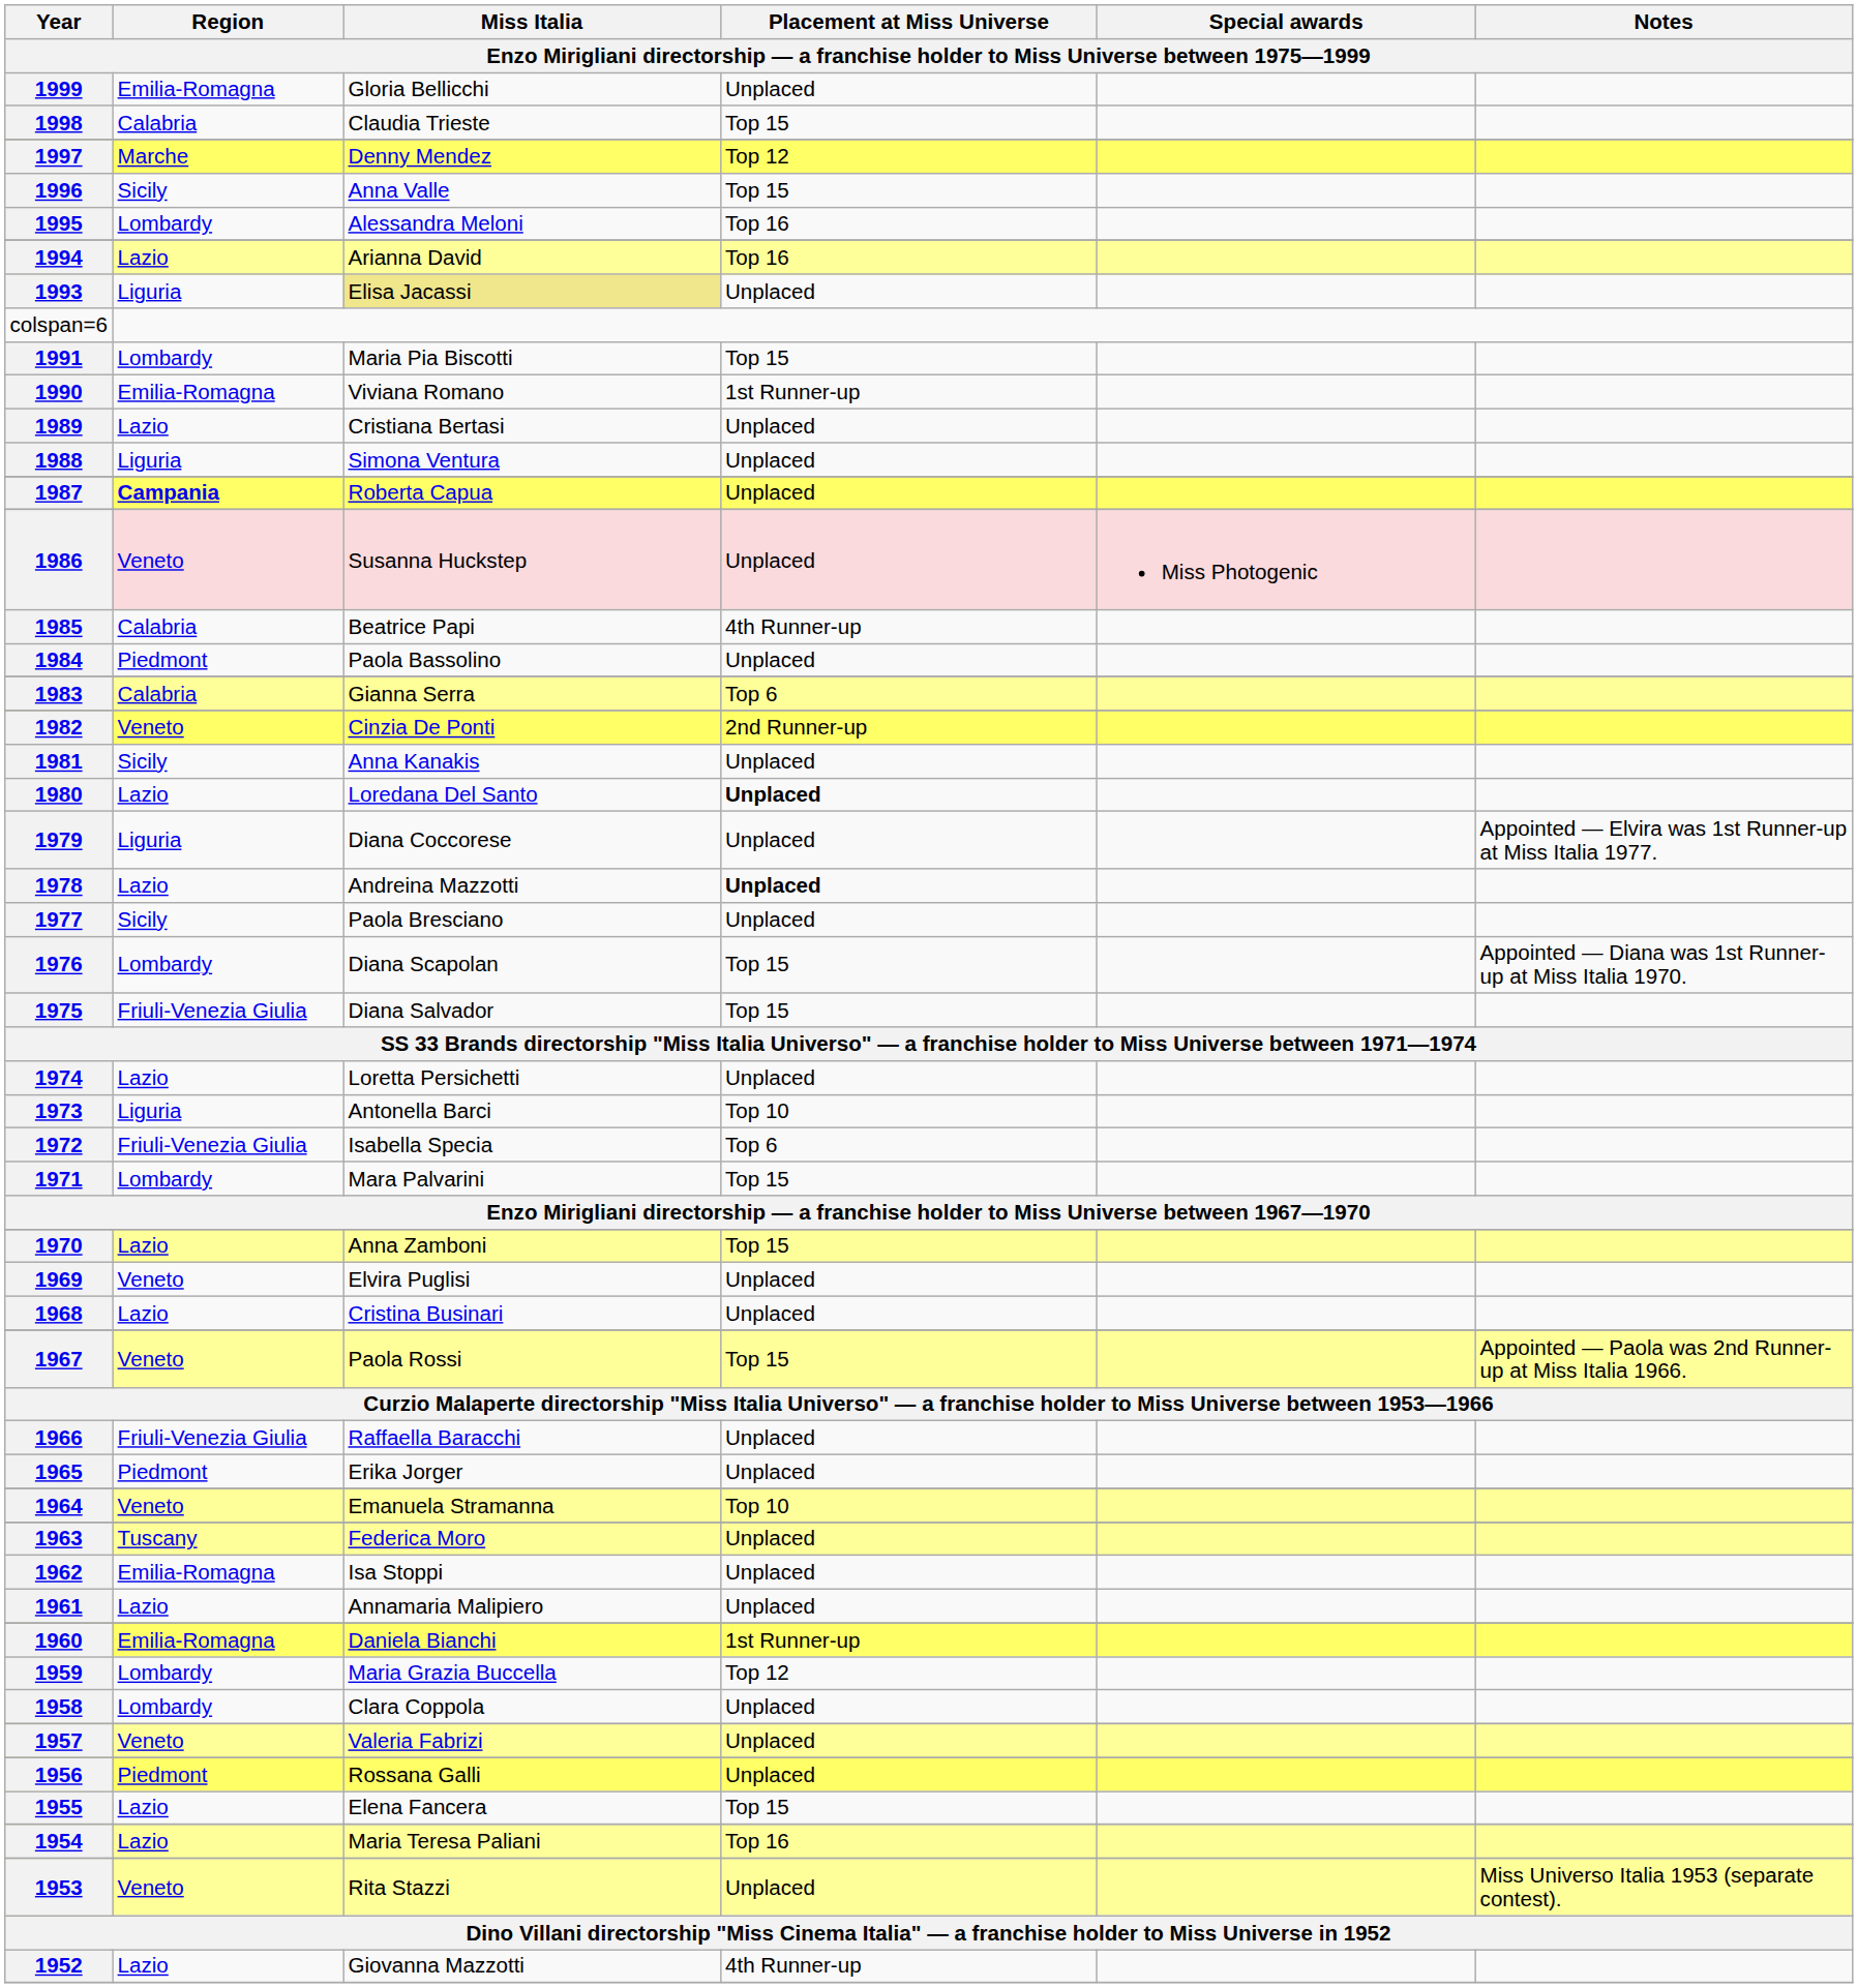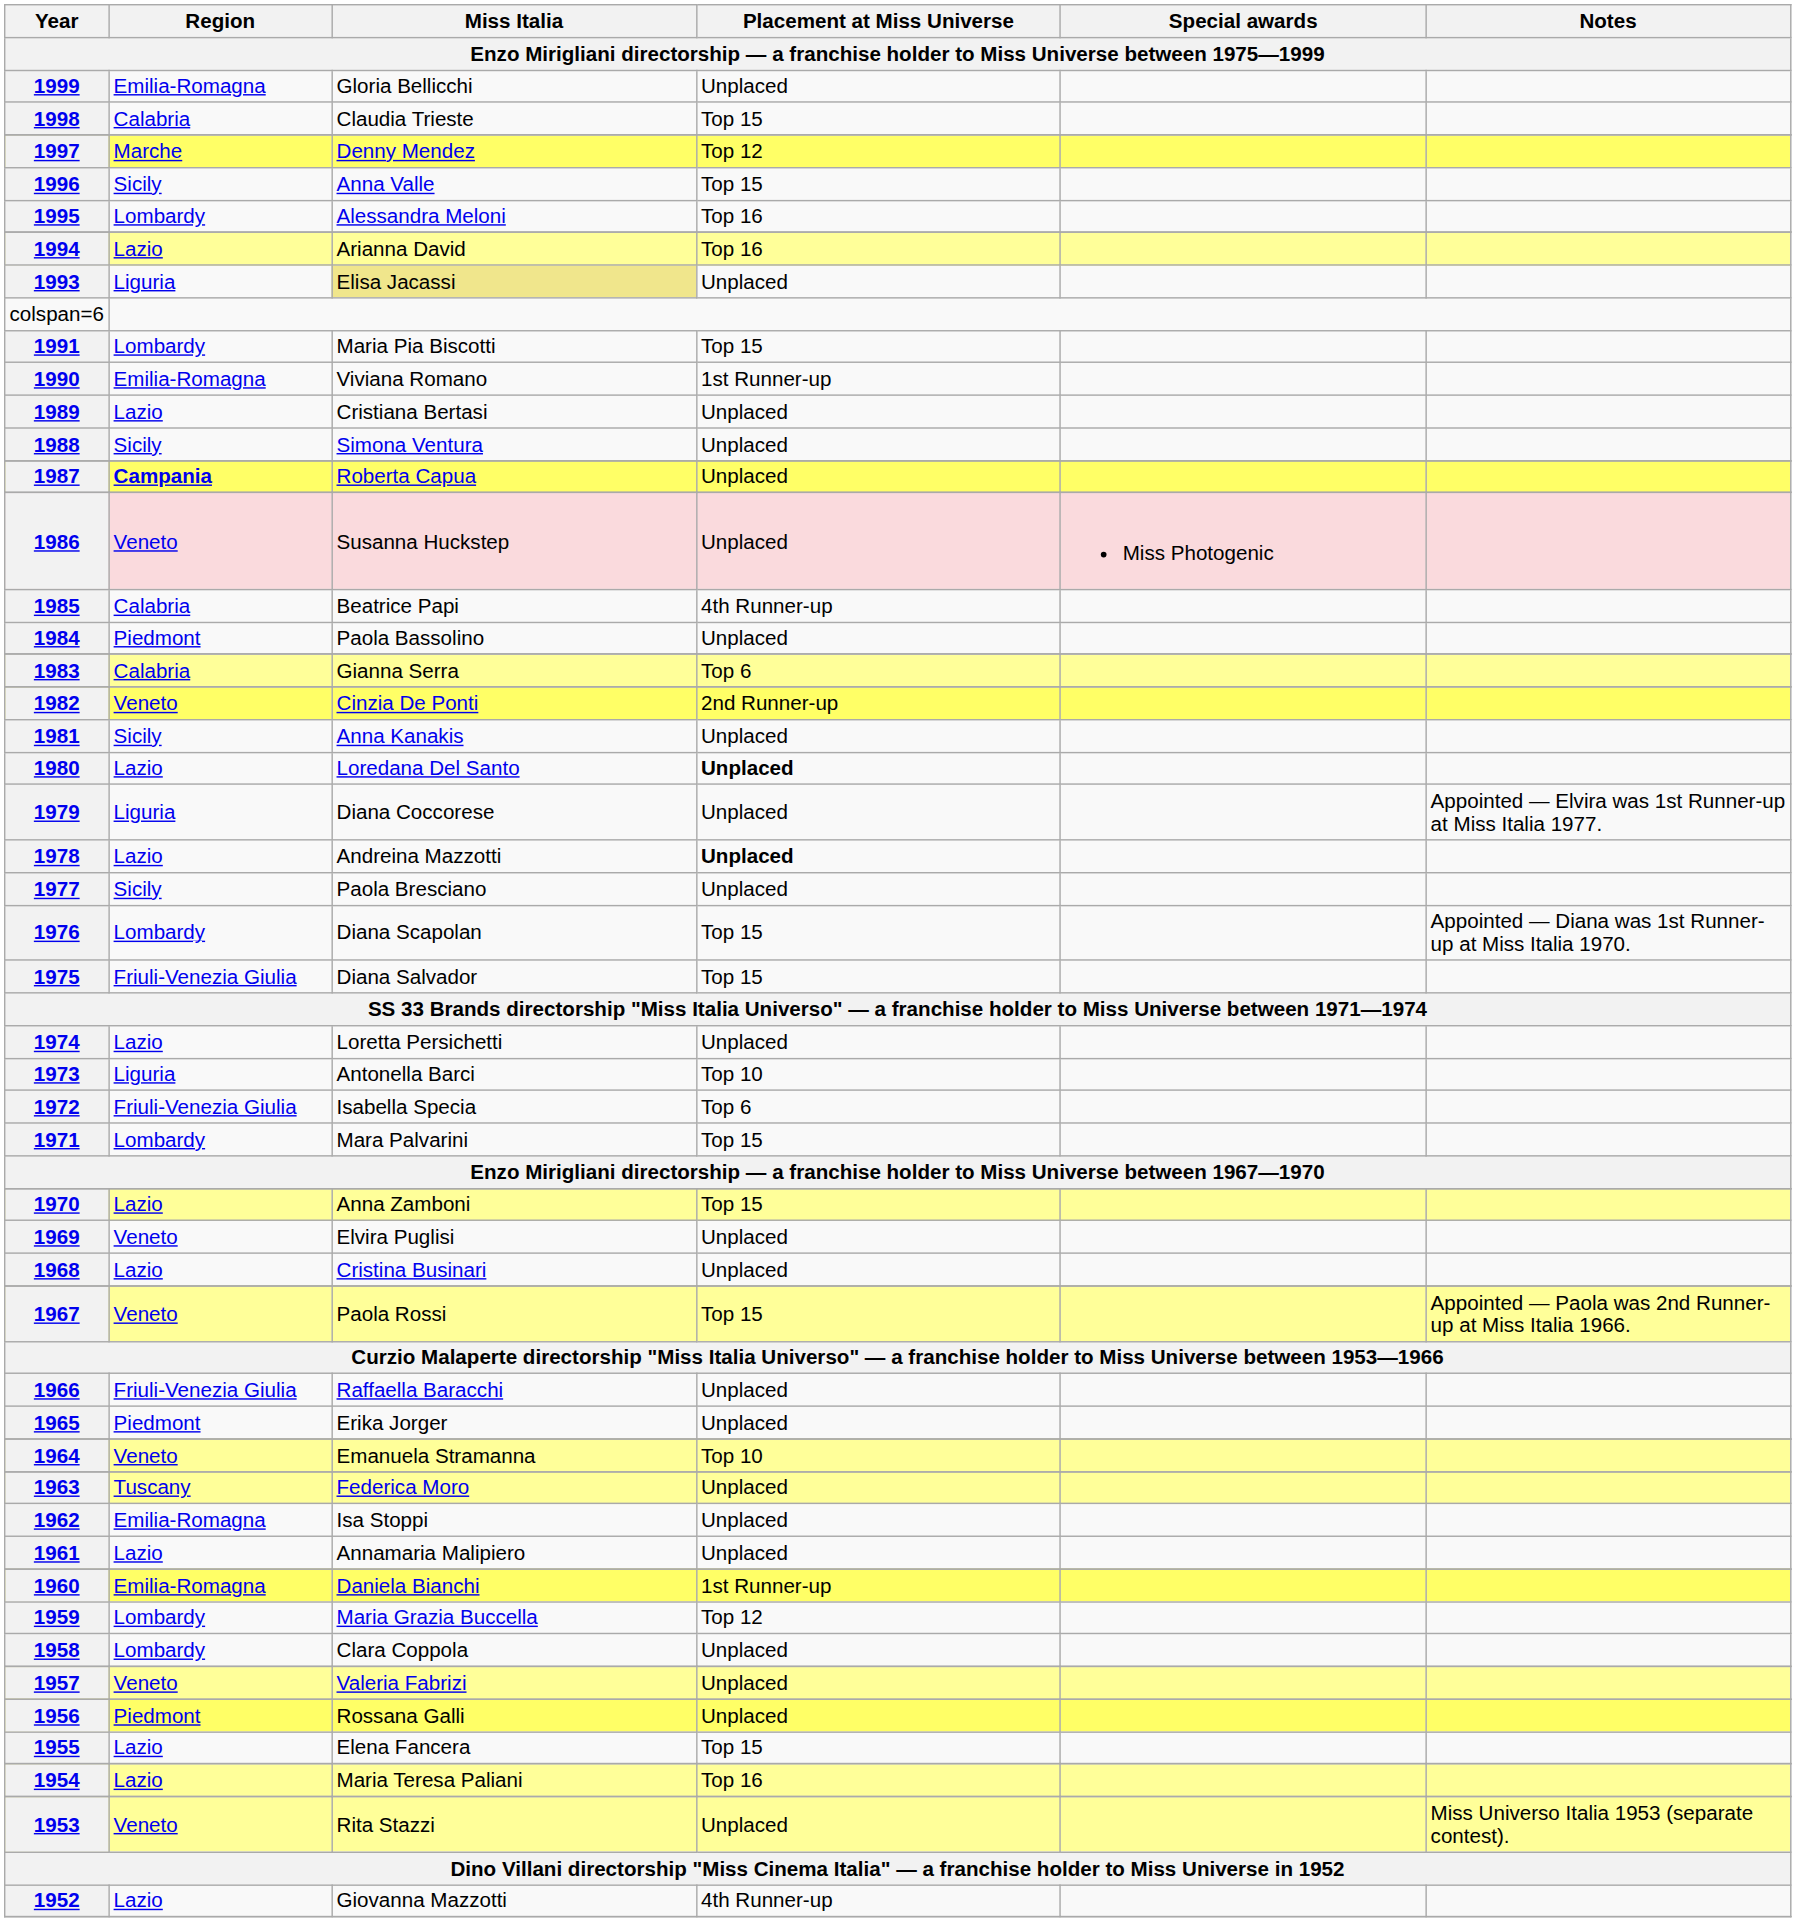 <table class="wikitable " style="font-size: 90%;">
 <tr>
 <th width="60">Year</th>
 <th width="150">Region</th>
 <th width="250">Miss Italia</th>
 <th width="250">Placement at Miss Universe</th>
 <th width="250">Special awards</th>
 <th width="250">Notes</th>
 </tr>
 <tr>
 <th colspan="6">Enzo Mirigliani directorship — a franchise holder to Miss Universe between 1975―1999</th>
 </tr>
 <tr>
 <th><a href='#'>1999</a></th>
 <td><a href='#'>Emilia-Romagna</a></td>
 <td>Gloria Bellicchi</td>
 <td>Unplaced</td>
 <td></td>
 <td></td>
 </tr>
 <tr>
 <th><a href='#'>1998</a></th>
 <td><a href='#'>Calabria</a></td>
 <td>Claudia Trieste</td>
 <td>Top 15</td>
 <td></td>
 <td></td>
 </tr>
 <tr>
 </tr>
 <tr style="background-color:#FFFF66;">
 <th><a href='#'>1997</a></th>
 <td><a href='#'>Marche</a></td>
 <td><a href='#'>Denny Mendez</a></td>
 <td>Top 12</td>
 <td></td>
 <td></td>
 </tr>
 <tr>
 <th><a href='#'>1996</a></th>
 <td><a href='#'>Sicily</a></td>
 <td><a href='#'>Anna Valle</a></td>
 <td>Top 15</td>
 <td></td>
 <td></td>
 </tr>
 <tr>
 <th><a href='#'>1995</a></th>
 <td><a href='#'>Lombardy</a></td>
 <td><a href='#'>Alessandra Meloni</a></td>
 <td>Top 16</td>
 <td></td>
 <td></td>
 </tr>
 <tr>
 </tr>
 <tr style="background-color:#FFFF99;">
 <th><a href='#'>1994</a></th>
 <td><a href='#'>Lazio</a></td>
 <td>Arianna David</td>
 <td>Top 16</td>
 <td></td>
 <td></td>
 </tr>
 <tr>
 <th><a href='#'>1993</a></th>
 <td><a href='#'>Liguria</a></td>
 <td style="background: khaki;">Elisa Jacassi</td>
 <td>Unplaced</td>
 <td></td>
 <td></td>
 </tr>
 <tr>
 <td>colspan=6 </td>
 </tr>
 <tr>
 <th><a href='#'>1991</a></th>
 <td><a href='#'>Lombardy</a></td>
 <td>Maria Pia Biscotti</td>
 <td>Top 15</td>
 <td></td>
 <td></td>
 </tr>
 <tr>
 <th><a href='#'>1990</a></th>
 <td><a href='#'>Emilia-Romagna</a></td>
 <td>Viviana Romano</td>
 <td>1st Runner-up</td>
 <td></td>
 <td></td>
 </tr>
 <tr>
 <th><a href='#'>1989</a></th>
 <td><a href='#'>Lazio</a></td>
 <td>Cristiana Bertasi</td>
 <td>Unplaced</td>
 <td></td>
 <td></td>
 </tr>
 <tr>
 <th><a href='#'>1988</a></th>
-<td><a href='#'>Liguria</a></td>
+<td><a href='#'>Sicily</a></td>
 <td><a href='#'>Simona Ventura</a></td>
 <td>Unplaced</td>
 <td></td>
 <td></td>
 </tr>
 <tr>
 </tr>
 <tr style="background-color:#FFFF66;">
 <th><a href='#'>1987</a></th>
 <td><strong><a href='#'>Campania</a></strong></td>
 <td><a href='#'>Roberta Capua</a></td>
 <td>Unplaced</td>
 <td></td>
 <td></td>
 </tr>
 <tr>
 </tr>
 <tr style="background-color:#FADADD;">
 <th><a href='#'>1986</a></th>
 <td><a href='#'>Veneto</a></td>
 <td>Susanna Huckstep</td>
 <td>Unplaced</td>
 <td align="left"><br><ul><li>Miss Photogenic</li></ul></td>
 <td></td>
 </tr>
 <tr>
 <th><a href='#'>1985</a></th>
 <td><a href='#'>Calabria</a></td>
 <td>Beatrice Papi</td>
 <td>4th Runner-up</td>
 <td></td>
 <td></td>
 </tr>
 <tr>
 <th><a href='#'>1984</a></th>
 <td><a href='#'>Piedmont</a></td>
 <td>Paola Bassolino</td>
 <td>Unplaced</td>
 <td></td>
 <td></td>
 </tr>
 <tr>
 </tr>
 <tr style="background-color:#FFFF99;">
 <th><a href='#'>1983</a></th>
 <td><a href='#'>Calabria</a></td>
 <td>Gianna Serra</td>
 <td>Top 6</td>
 <td></td>
 <td></td>
 </tr>
 <tr>
 </tr>
 <tr style="background-color:#FFFF66;">
 <th><a href='#'>1982</a></th>
 <td><a href='#'>Veneto</a></td>
 <td><a href='#'>Cinzia De Ponti</a></td>
 <td>2nd Runner-up</td>
 <td></td>
 <td></td>
 </tr>
 <tr>
 <th><a href='#'>1981</a></th>
 <td><a href='#'>Sicily</a></td>
 <td><a href='#'>Anna Kanakis</a></td>
 <td>Unplaced</td>
 <td></td>
 <td></td>
 </tr>
 <tr>
 <th><a href='#'>1980</a></th>
 <td><a href='#'>Lazio</a></td>
 <td><a href='#'>Loredana Del Santo</a></td>
 <td><strong>Unplaced</strong></td>
 <td></td>
 <td></td>
 </tr>
 <tr>
 <th><a href='#'>1979</a></th>
 <td><a href='#'>Liguria</a></td>
 <td>Diana Coccorese</td>
 <td>Unplaced</td>
 <td></td>
 <td>Appointed — Elvira was 1st Runner-up at Miss Italia 1977.</td>
 </tr>
 <tr>
 <th><a href='#'>1978</a></th>
 <td><a href='#'>Lazio</a></td>
 <td>Andreina Mazzotti</td>
 <td><strong>Unplaced</strong></td>
 <td></td>
 <td></td>
 </tr>
 <tr>
 <th><a href='#'>1977</a></th>
 <td><a href='#'>Sicily</a></td>
 <td>Paola Bresciano</td>
 <td>Unplaced</td>
 <td></td>
 <td></td>
 </tr>
 <tr>
 <th><a href='#'>1976</a></th>
 <td><a href='#'>Lombardy</a></td>
 <td>Diana Scapolan</td>
 <td>Top 15</td>
 <td></td>
 <td>Appointed — Diana was 1st Runner-up at Miss Italia 1970.</td>
 </tr>
 <tr>
 <th><a href='#'>1975</a></th>
 <td><a href='#'>Friuli-Venezia Giulia</a></td>
 <td>Diana Salvador</td>
 <td>Top 15</td>
 <td></td>
 <td></td>
 </tr>
 <tr>
 <th colspan="6">SS 33 Brands directorship "Miss Italia Universo" — a franchise holder to Miss Universe between 1971―1974</th>
 </tr>
 <tr>
 <th><a href='#'>1974</a></th>
 <td><a href='#'>Lazio</a></td>
 <td>Loretta Persichetti</td>
 <td>Unplaced</td>
 <td></td>
 <td></td>
 </tr>
 <tr>
 <th><a href='#'>1973</a></th>
 <td><a href='#'>Liguria</a></td>
 <td>Antonella Barci</td>
 <td>Top 10</td>
 <td></td>
 <td></td>
 </tr>
 <tr>
 <th><a href='#'>1972</a></th>
 <td><a href='#'>Friuli-Venezia Giulia</a></td>
 <td>Isabella Specia</td>
 <td>Top 6</td>
 <td></td>
 <td></td>
 </tr>
 <tr>
 <th><a href='#'>1971</a></th>
 <td><a href='#'>Lombardy</a></td>
 <td>Mara Palvarini</td>
 <td>Top 15</td>
 <td></td>
 <td></td>
 </tr>
 <tr>
 <th colspan="6">Enzo Mirigliani directorship — a franchise holder to Miss Universe between 1967―1970</th>
 </tr>
 <tr>
 </tr>
 <tr style="background-color:#FFFF99;">
 <th><a href='#'>1970</a></th>
 <td><a href='#'>Lazio</a></td>
 <td>Anna Zamboni</td>
 <td>Top 15</td>
 <td></td>
 <td></td>
 </tr>
 <tr>
 <th><a href='#'>1969</a></th>
 <td><a href='#'>Veneto</a></td>
 <td>Elvira Puglisi</td>
 <td>Unplaced</td>
 <td></td>
 <td></td>
 </tr>
 <tr>
 <th><a href='#'>1968</a></th>
 <td><a href='#'>Lazio</a></td>
 <td><a href='#'>Cristina Businari</a></td>
 <td>Unplaced</td>
 <td></td>
 <td></td>
 </tr>
 <tr>
 </tr>
 <tr style="background-color:#FFFF99;">
 <th><a href='#'>1967</a></th>
 <td><a href='#'>Veneto</a></td>
 <td>Paola Rossi</td>
 <td>Top 15</td>
 <td></td>
 <td>Appointed — Paola was 2nd Runner-up at Miss Italia 1966.</td>
 </tr>
 <tr>
 <th colspan="6">Curzio Malaperte directorship "Miss Italia Universo" — a franchise holder to Miss Universe between 1953―1966</th>
 </tr>
 <tr>
 <th><a href='#'>1966</a></th>
 <td><a href='#'>Friuli-Venezia Giulia</a></td>
 <td><a href='#'>Raffaella Baracchi</a></td>
 <td>Unplaced</td>
 <td></td>
 <td></td>
 </tr>
 <tr>
 <th><a href='#'>1965</a></th>
 <td><a href='#'>Piedmont</a></td>
 <td>Erika Jorger</td>
 <td>Unplaced</td>
 <td></td>
 <td></td>
 </tr>
 <tr>
 </tr>
 <tr style="background-color:#FFFF99;">
 <th><a href='#'>1964</a></th>
 <td><a href='#'>Veneto</a></td>
 <td>Emanuela Stramanna</td>
 <td>Top 10</td>
 <td></td>
 <td></td>
 </tr>
 <tr>
 </tr>
 <tr style="background-color:#FFFF99;">
 <th><a href='#'>1963</a></th>
 <td><a href='#'>Tuscany</a></td>
 <td><a href='#'>Federica Moro</a></td>
 <td>Unplaced</td>
 <td></td>
 <td></td>
 </tr>
 <tr>
 <th><a href='#'>1962</a></th>
 <td><a href='#'>Emilia-Romagna</a></td>
 <td>Isa Stoppi</td>
 <td>Unplaced</td>
 <td></td>
 <td></td>
 </tr>
 <tr>
 <th><a href='#'>1961</a></th>
 <td><a href='#'>Lazio</a></td>
 <td>Annamaria Malipiero</td>
 <td>Unplaced</td>
 <td></td>
 <td></td>
 </tr>
 <tr>
 </tr>
 <tr style="background-color:#FFFF66;">
 <th><a href='#'>1960</a></th>
 <td><a href='#'>Emilia-Romagna</a></td>
 <td><a href='#'>Daniela Bianchi</a></td>
 <td>1st Runner-up</td>
 <td></td>
 <td></td>
 </tr>
 <tr>
 <th><a href='#'>1959</a></th>
 <td><a href='#'>Lombardy</a></td>
 <td><a href='#'>Maria Grazia Buccella</a></td>
 <td>Top 12</td>
 <td></td>
 <td></td>
 </tr>
 <tr>
 <th><a href='#'>1958</a></th>
 <td><a href='#'>Lombardy</a></td>
 <td>Clara Coppola</td>
 <td>Unplaced</td>
 <td></td>
 <td></td>
 </tr>
 <tr>
 </tr>
 <tr style="background-color:#FFFF99;">
 <th><a href='#'>1957</a></th>
 <td><a href='#'>Veneto</a></td>
 <td><a href='#'>Valeria Fabrizi</a></td>
 <td>Unplaced</td>
 <td></td>
 <td></td>
 </tr>
 <tr>
 </tr>
 <tr style="background-color:#FFFF66;">
 <th><a href='#'>1956</a></th>
 <td><a href='#'>Piedmont</a></td>
 <td>Rossana Galli</td>
 <td>Unplaced</td>
 <td></td>
 <td></td>
 </tr>
 <tr>
 <th><a href='#'>1955</a></th>
 <td><a href='#'>Lazio</a></td>
 <td>Elena Fancera</td>
 <td>Top 15</td>
 <td></td>
 <td></td>
 </tr>
 <tr>
 </tr>
 <tr style="background-color:#FFFF99;">
 <th><a href='#'>1954</a></th>
 <td><a href='#'>Lazio</a></td>
 <td>Maria Teresa Paliani</td>
 <td>Top 16</td>
 <td></td>
 <td></td>
 </tr>
 <tr>
 </tr>
 <tr style="background-color:#FFFF99;">
 <th><a href='#'>1953</a></th>
 <td><a href='#'>Veneto</a></td>
 <td>Rita Stazzi</td>
 <td>Unplaced</td>
 <td></td>
 <td>Miss Universo Italia 1953 (separate contest).</td>
 </tr>
 <tr>
 <th colspan="6">Dino Villani directorship "Miss Cinema Italia" — a franchise holder to Miss Universe in 1952</th>
 </tr>
 <tr>
 <th><a href='#'>1952</a></th>
 <td><a href='#'>Lazio</a></td>
 <td>Giovanna Mazzotti</td>
 <td>4th Runner-up</td>
 <td></td>
 <td></td>
 </tr>
 <tr>
 </tr>
 </table>
